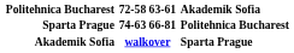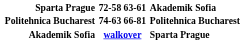 <table width=60% cellspacing=1>
 <tr>
 <th></th>
 <th></th>
 <th></th>
 </tr>
 <tr style=font-size:90%>
-<td align=right><strong>Politehnica Bucharest</strong></td>
+<td align=right><strong>Sparta Prague</strong></td>
 <td align=center><strong>72-58 63-61</strong></td>
 <td><strong>Akademik Sofia</strong></td>
 </tr>
 <tr style=font-size:90%>
-<td align=right><strong>Sparta Prague</strong></td>
+<td align=right><strong>Politehnica Bucharest</strong></td>
 <td align=center><strong>74-63 66-81</strong></td>
 <td><strong>Politehnica Bucharest</strong></td>
 </tr>
 <tr style=font-size:90%>
 <td align=right><strong>Akademik Sofia</strong></td>
 <td align=center><strong><a href='#'>walkover</a></strong></td>
 <td><strong>Sparta Prague</strong></td>
 </tr>
 </table>
